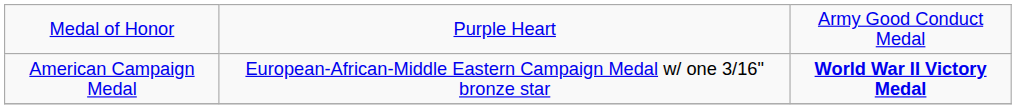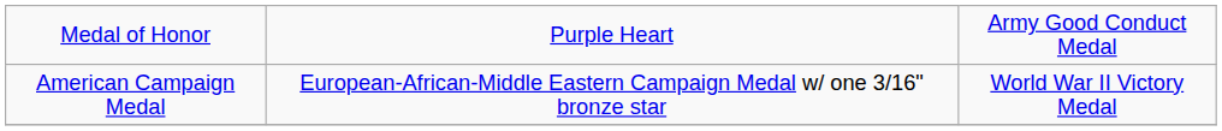 <table class="wikitable" style="margin:1em auto; text-align:center;">
 <tr>
 <td><a href='#'>Medal of Honor</a></td>
 <td><a href='#'>Purple Heart</a></td>
 <td><a href='#'>Army Good Conduct Medal</a></td>
 </tr>
 <tr>
 <td><a href='#'>American Campaign Medal</a></td>
 <td><a href='#'>European-African-Middle Eastern Campaign Medal</a> w/ one 3/16" <a href='#'>bronze star</a></td>
-<td><strong><a href='#'>World War II Victory Medal</a></strong></td>
+<td><a href='#'>World War II Victory Medal</a></td>
 </tr>
 <tr>
 </tr>
 </table>
